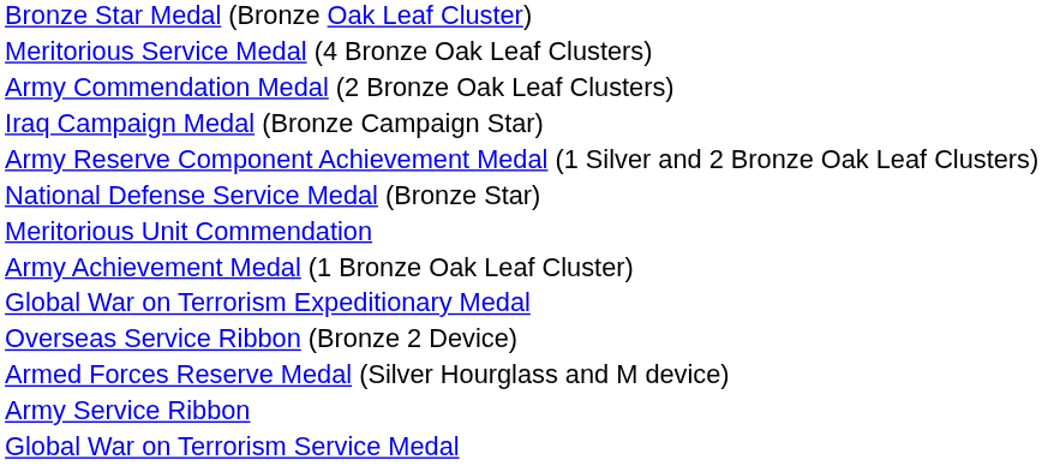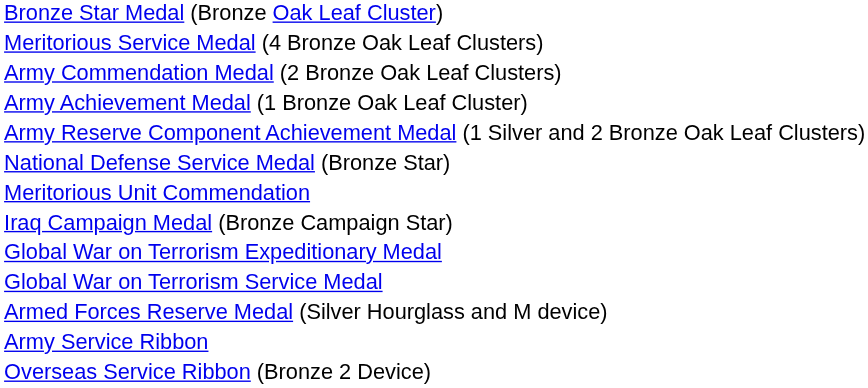 <table>
 <tr>
 <td>  <a href='#'>Bronze Star Medal</a> (Bronze <a href='#'>Oak Leaf Cluster</a>)</td>
 </tr>
 <tr>
 <td>  <a href='#'>Meritorious Service Medal</a> (4 Bronze Oak Leaf Clusters)</td>
 </tr>
 <tr>
 <td>  <a href='#'>Army Commendation Medal</a> (2 Bronze Oak Leaf Clusters)</td>
 </tr>
 <tr>
-<td>  <a href='#'>Iraq Campaign Medal</a> (Bronze Campaign Star)</td>
+<td> <a href='#'>Army Achievement Medal</a> (1 Bronze Oak Leaf Cluster)</td>
 </tr>
 <tr>
 <td> <a href='#'>Army Reserve Component Achievement Medal</a> (1 Silver and 2 Bronze Oak Leaf Clusters)</td>
 </tr>
 <tr>
 <td>  <a href='#'>National Defense Service Medal</a> (Bronze Star)</td>
 </tr>
 <tr>
 <td> <a href='#'>Meritorious Unit Commendation</a></td>
 </tr>
 <tr>
-<td> <a href='#'>Army Achievement Medal</a> (1 Bronze Oak Leaf Cluster)</td>
+<td>  <a href='#'>Iraq Campaign Medal</a> (Bronze Campaign Star)</td>
 </tr>
 <tr>
 <td>  <a href='#'>Global War on Terrorism Expeditionary Medal</a></td>
 </tr>
 <tr>
-<td>  <a href='#'>Overseas Service Ribbon</a> (Bronze 2 Device)</td>
+<td>  <a href='#'>Global War on Terrorism Service Medal</a></td>
 </tr>
 <tr>
 <td>  <a href='#'>Armed Forces Reserve Medal</a> (Silver Hourglass and M device)</td>
 </tr>
 <tr>
 <td>  <a href='#'>Army Service Ribbon</a></td>
 </tr>
 <tr>
-<td>  <a href='#'>Global War on Terrorism Service Medal</a></td>
+<td>  <a href='#'>Overseas Service Ribbon</a> (Bronze 2 Device)</td>
 </tr>
 </table>
